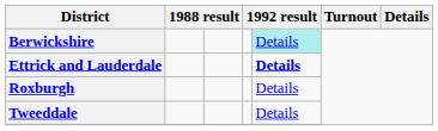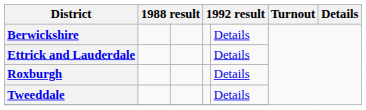 <table class="wikitable">
 <tr>
 <th scope="col">District</th>
 <th scope="col"  colspan="2">1988 result</th>
 <th scope="col" colspan="2">1992 result</th>
 <th scope="col">Turnout</th>
 <th scope="col">Details</th>
 </tr>
 <tr>
 <th scope="row" style="text-align: left;"><a href='#'>Berwickshire</a></th>
 <td></td>
 <td></td>
 <td></td>
-<td style="background: paleturquoise;"><a href='#'>Details</a></td>
+<td><a href='#'>Details</a></td>
 </tr>
 <tr>
 <th scope="row" style="text-align: left;"><a href='#'>Ettrick and Lauderdale</a></th>
 <td></td>
 <td></td>
 <td></td>
-<td><strong><a href='#'>Details</a></strong></td>
+<td><a href='#'>Details</a></td>
 </tr>
 <tr>
 <th scope="row" style="text-align: left;"><a href='#'>Roxburgh</a></th>
 <td></td>
 <td></td>
 <td></td>
 <td><a href='#'>Details</a></td>
 </tr>
 <tr>
 <th scope="row" style="text-align: left;"><a href='#'>Tweeddale</a></th>
 <td></td>
 <td></td>
 <td></td>
 <td><a href='#'>Details</a></td>
 </tr>
 <tr>
 </tr>
 </table>
